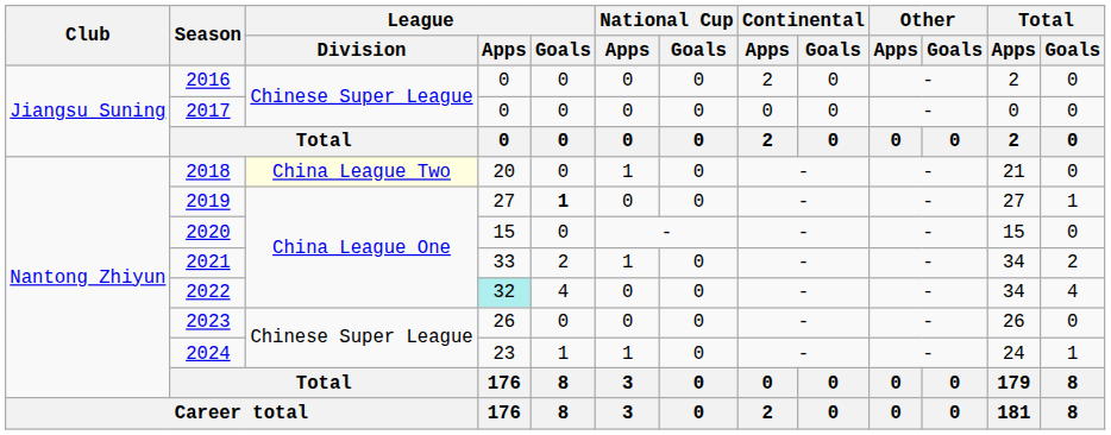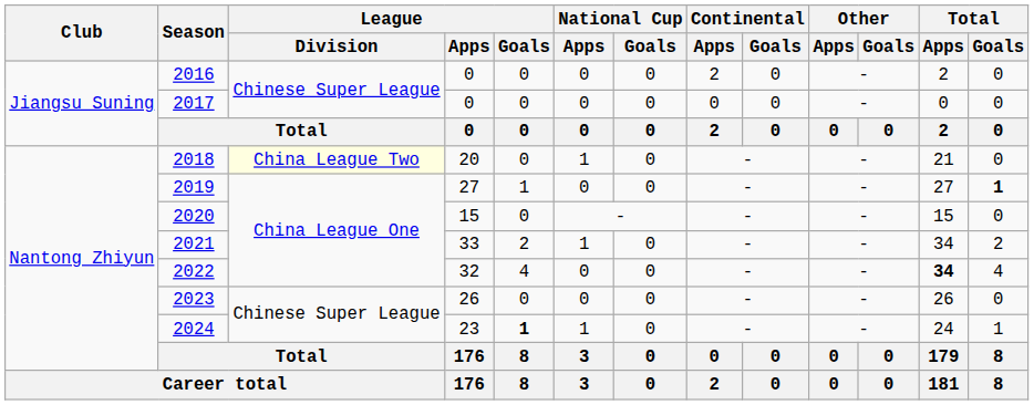 <table class="wikitable" style="text-align: center">
 <tr>
 <th rowspan="2">Club</th>
 <th rowspan="2">Season</th>
 <th colspan="3">League</th>
 <th colspan="2">National Cup</th>
 <th colspan="2">Continental</th>
 <th colspan="2">Other</th>
 <th colspan="2">Total</th>
 </tr>
 <tr>
 <th>Division</th>
 <th>Apps</th>
 <th>Goals</th>
 <th>Apps</th>
 <th>Goals</th>
 <th>Apps</th>
 <th>Goals</th>
 <th>Apps</th>
 <th>Goals</th>
 <th>Apps</th>
 <th>Goals</th>
 </tr>
 <tr>
 <td rowspan=3><a href='#'>Jiangsu Suning</a></td>
 <td><a href='#'>2016</a></td>
 <td rowspan=2><a href='#'>Chinese Super League</a></td>
 <td>0</td>
 <td>0</td>
 <td>0</td>
 <td>0</td>
 <td>2</td>
 <td>0</td>
 <td colspan="2">-</td>
 <td>2</td>
 <td>0</td>
 </tr>
 <tr>
 <td><a href='#'>2017</a></td>
 <td>0</td>
 <td>0</td>
 <td>0</td>
 <td>0</td>
 <td>0</td>
 <td>0</td>
 <td colspan="2">-</td>
 <td>0</td>
 <td>0</td>
 </tr>
 <tr>
 <th colspan="2"><strong>Total</strong></th>
 <th>0</th>
 <th>0</th>
 <th>0</th>
 <th>0</th>
 <th>2</th>
 <th>0</th>
 <th>0</th>
 <th>0</th>
 <th>2</th>
 <th>0</th>
 </tr>
 <tr>
 <td rowspan=8><a href='#'>Nantong Zhiyun</a></td>
 <td><a href='#'>2018</a></td>
 <td style="background: lightyellow;"><a href='#'>China League Two</a></td>
 <td>20</td>
 <td>0</td>
 <td>1</td>
 <td>0</td>
 <td colspan="2">-</td>
 <td colspan="2">-</td>
 <td>21</td>
 <td>0</td>
 </tr>
 <tr>
 <td><a href='#'>2019</a></td>
 <td rowspan=4><a href='#'>China League One</a></td>
 <td>27</td>
-<td><strong>1</strong></td>
+<td>1</td>
 <td>0</td>
 <td>0</td>
 <td colspan="2">-</td>
 <td colspan="2">-</td>
 <td>27</td>
-<td>1</td>
+<td><strong>1</strong></td>
 </tr>
 <tr>
 <td><a href='#'>2020</a></td>
 <td>15</td>
 <td>0</td>
 <td colspan="2">-</td>
 <td colspan="2">-</td>
 <td colspan="2">-</td>
 <td>15</td>
 <td>0</td>
 </tr>
 <tr>
 <td><a href='#'>2021</a></td>
 <td>33</td>
 <td>2</td>
 <td>1</td>
 <td>0</td>
 <td colspan="2">-</td>
 <td colspan="2">-</td>
 <td>34</td>
 <td>2</td>
 </tr>
 <tr>
 <td><a href='#'>2022</a></td>
-<td style="background: paleturquoise;">32</td>
+<td>32</td>
 <td>4</td>
 <td>0</td>
 <td>0</td>
 <td colspan="2">-</td>
 <td colspan="2">-</td>
-<td>34</td>
+<td><strong>34</strong></td>
 <td>4</td>
 </tr>
 <tr>
 <td><a href='#'>2023</a></td>
 <td rowspan=2>Chinese Super League</td>
 <td>26</td>
 <td>0</td>
 <td>0</td>
 <td>0</td>
 <td colspan="2">-</td>
 <td colspan="2">-</td>
 <td>26</td>
 <td>0</td>
 </tr>
 <tr>
 <td><a href='#'>2024</a></td>
 <td>23</td>
-<td>1</td>
+<td><strong>1</strong></td>
 <td>1</td>
 <td>0</td>
 <td colspan="2">-</td>
 <td colspan="2">-</td>
 <td>24</td>
 <td>1</td>
 </tr>
 <tr>
 <th colspan="2"><strong>Total</strong></th>
 <th>176</th>
 <th>8</th>
 <th>3</th>
 <th>0</th>
 <th>0</th>
 <th>0</th>
 <th>0</th>
 <th>0</th>
 <th>179</th>
 <th>8</th>
 </tr>
 <tr>
 <th colspan=3>Career total</th>
 <th>176</th>
 <th>8</th>
 <th>3</th>
 <th>0</th>
 <th>2</th>
 <th>0</th>
 <th>0</th>
 <th>0</th>
 <th>181</th>
 <th>8</th>
 </tr>
 </table>
